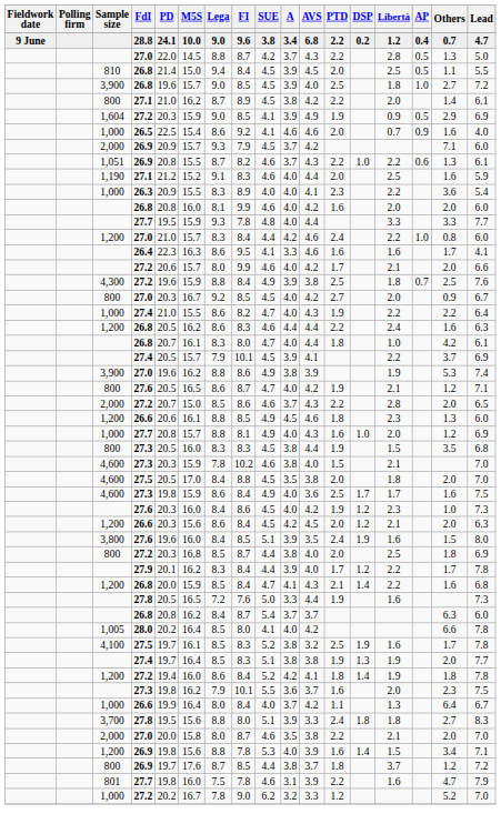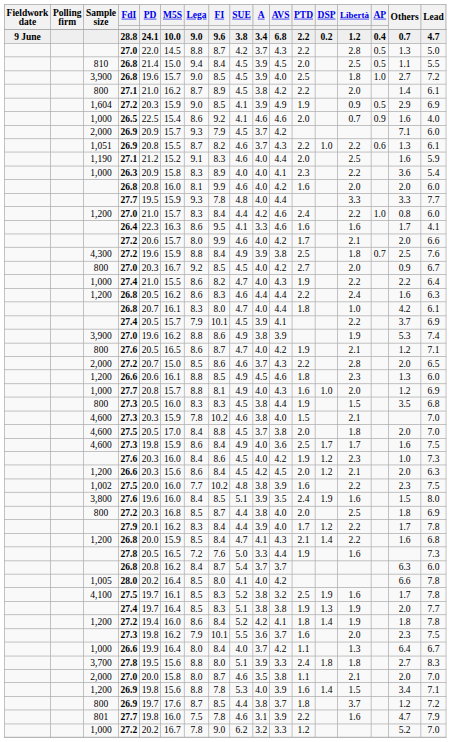 <table class="wikitable sortable mw-collapsible" style="text-align:center;font-size:85%;line-height:13px">
 <tr style="height:30px; background-color:#8B8B8B">
 <th rowspan="2">Fieldwork date</th>
 <th rowspan="2">Polling firm</th>
 <th rowspan="2">Sample size</th>
 <th style="width:35px;"><a href='#'>FdI</a></th>
 <th style="width:35px;"><a href='#'>PD</a></th>
 <th style="width:35px;"><a href='#'>M5S</a></th>
 <th style="width:35px;"><a href='#'>Lega</a></th>
 <th style="width:35px;"><a href='#'>FI</a></th>
 <th style="width:35px;"><a href='#'>SUE</a></th>
 <th style="width:35px;"><a href='#'>A</a></th>
 <th style="width:35px;"><a href='#'>AVS</a></th>
 <th style="width:35px;"><a href='#'>PTD</a></th>
 <th style="width:35px;"><a href='#'>DSP</a></th>
 <th style="width:35px; font-size:95%;"><a href='#'>Libertà</a></th>
 <th style="width:35px;"><a href='#'>AP</a></th>
 <th style="width:35px;" rowspan="2">Others</th>
 <th style="width:35px;" rowspan="2">Lead</th>
 </tr>
 <tr>
 <th style="background:"></th>
 <th style="background:"></th>
 <th style="background:"></th>
 <th style="background:"></th>
 <th style="background:"></th>
 <th style="background:"></th>
 <th style="background:"></th>
 <th style="background:"></th>
 <th style="background:"></th>
 <th style="background:"></th>
 <th style="background:"></th>
 <th style="background:"></th>
 </tr>
 <tr>
 </tr>
 <tr style="background:#EFEFEF; font-weight:bold;">
 <td><strong>9 June</strong></td>
 <td></td>
 <td></td>
 <td><strong>28.8</strong></td>
 <td>24.1</td>
 <td>10.0</td>
 <td>9.0</td>
 <td>9.6</td>
 <td>3.8</td>
 <td>3.4</td>
 <td>6.8</td>
 <td>2.2</td>
 <td>0.2</td>
 <td>1.2</td>
 <td>0.4</td>
 <td>0.7</td>
 <td style="background:">4.7</td>
 </tr>
 <tr>
 <td></td>
 <td></td>
 <td></td>
 <td><strong>27.0</strong></td>
 <td>22.0</td>
 <td>14.5</td>
 <td>8.8</td>
 <td>8.7</td>
 <td>4.2</td>
 <td>3.7</td>
 <td>4.3</td>
 <td>2.2</td>
 <td></td>
 <td>2.8</td>
 <td>0.5</td>
 <td>1.3</td>
 <td style="background:">5.0</td>
 </tr>
 <tr>
 <td></td>
 <td></td>
 <td>810</td>
 <td><strong>26.8</strong></td>
 <td>21.4</td>
 <td>15.0</td>
 <td>9.4</td>
 <td>8.4</td>
 <td>4.5</td>
 <td>3.9</td>
 <td>4.5</td>
 <td>2.0</td>
 <td></td>
 <td>2.5</td>
 <td>0.5</td>
 <td>1.1</td>
 <td style="background:">5.5</td>
 </tr>
 <tr>
 <td></td>
 <td></td>
 <td>3,900</td>
 <td><strong>26.8</strong></td>
 <td>19.6</td>
 <td>15.7</td>
 <td>9.0</td>
 <td>8.5</td>
 <td>4.5</td>
 <td>3.9</td>
 <td>4.0</td>
 <td>2.5</td>
 <td></td>
 <td>1.8</td>
 <td>1.0</td>
 <td>2.7</td>
 <td style="background:">7.2</td>
 </tr>
 <tr>
 <td></td>
 <td></td>
 <td>800</td>
 <td><strong>27.1</strong></td>
 <td>21.0</td>
 <td>16.2</td>
 <td>8.7</td>
 <td>8.9</td>
 <td>4.5</td>
 <td>3.8</td>
 <td>4.2</td>
 <td>2.2</td>
 <td></td>
 <td>2.0</td>
 <td></td>
 <td>1.4</td>
 <td style="background:">6.1</td>
 </tr>
 <tr>
 <td></td>
 <td></td>
 <td>1,604</td>
 <td><strong>27.2</strong></td>
 <td>20.3</td>
 <td>15.9</td>
 <td>9.0</td>
 <td>8.5</td>
 <td>4.1</td>
 <td>3.9</td>
 <td>4.9</td>
 <td>1.9</td>
 <td></td>
 <td>0.9</td>
 <td>0.5</td>
 <td>2.9</td>
 <td style="background:">6.9</td>
 </tr>
 <tr>
 <td></td>
 <td></td>
 <td>1,000</td>
 <td><strong>26.5</strong></td>
 <td>22.5</td>
 <td>15.4</td>
 <td>8.6</td>
 <td>9.2</td>
 <td>4.1</td>
 <td>4.6</td>
 <td>4.6</td>
 <td>2.0</td>
 <td></td>
 <td>0.7</td>
 <td>0.9</td>
 <td>1.6</td>
 <td style="background:">4.0</td>
 </tr>
 <tr>
 <td></td>
 <td></td>
 <td>2,000</td>
 <td><strong>26.9</strong></td>
 <td>20.9</td>
 <td>15.7</td>
 <td>9.3</td>
 <td>7.9</td>
 <td>4.5</td>
 <td>3.7</td>
 <td>4.2</td>
 <td></td>
 <td></td>
 <td></td>
 <td></td>
 <td>7.1</td>
 <td style="background:">6.0</td>
 </tr>
 <tr>
 <td></td>
 <td></td>
 <td>1,051</td>
 <td><strong>26.9</strong></td>
 <td>20.8</td>
 <td>15.5</td>
 <td>8.7</td>
 <td>8.2</td>
 <td>4.6</td>
 <td>3.7</td>
 <td>4.3</td>
 <td>2.2</td>
 <td>1.0</td>
 <td>2.2</td>
 <td>0.6</td>
 <td>1.3</td>
 <td style="background:">6.1</td>
 </tr>
 <tr>
 <td></td>
 <td></td>
 <td>1,190</td>
 <td><strong>27.1</strong></td>
 <td>21.2</td>
 <td>15.2</td>
 <td>9.1</td>
 <td>8.3</td>
 <td>4.6</td>
 <td>4.0</td>
 <td>4.4</td>
 <td>2.0</td>
 <td></td>
 <td>2.5</td>
 <td></td>
 <td>1.6</td>
 <td style="background:">5.9</td>
 </tr>
 <tr>
 <td></td>
 <td></td>
 <td>1,000</td>
 <td><strong>26.3</strong></td>
 <td>20.9</td>
-<td>15.5</td>
+<td>15.8</td>
 <td>8.3</td>
 <td>8.9</td>
 <td>4.0</td>
 <td>4.0</td>
 <td>4.1</td>
 <td>2.3</td>
 <td></td>
 <td>2.2</td>
 <td></td>
 <td>3.6</td>
 <td style="background:">5.4</td>
 </tr>
 <tr>
 <td></td>
 <td></td>
 <td></td>
 <td><strong>26.8</strong></td>
 <td>20.8</td>
 <td>16.0</td>
 <td>8.1</td>
 <td>9.9</td>
 <td>4.6</td>
 <td>4.0</td>
 <td>4.2</td>
 <td>1.6</td>
 <td></td>
 <td>2.0</td>
 <td></td>
 <td>2.0</td>
 <td style="background:">6.0</td>
 </tr>
 <tr>
 <td></td>
 <td></td>
 <td></td>
 <td><strong>27.7</strong></td>
 <td>19.5</td>
 <td>15.9</td>
 <td>9.3</td>
 <td>7.8</td>
 <td>4.8</td>
 <td>4.0</td>
 <td>4.4</td>
 <td></td>
 <td></td>
 <td>3.3</td>
 <td></td>
 <td>3.3</td>
 <td style="background:">7.7</td>
 </tr>
 <tr>
 <td></td>
 <td></td>
 <td>1,200</td>
 <td><strong>27.0</strong></td>
 <td>21.0</td>
 <td>15.7</td>
 <td>8.3</td>
 <td>8.4</td>
 <td>4.4</td>
 <td>4.2</td>
 <td>4.6</td>
 <td>2.4</td>
 <td></td>
 <td>2.2</td>
 <td>1.0</td>
 <td>0.8</td>
 <td style="background:">6.0</td>
 </tr>
 <tr>
 <td></td>
 <td></td>
 <td></td>
 <td><strong>26.4</strong></td>
 <td>22.3</td>
 <td>16.3</td>
 <td>8.6</td>
 <td>9.5</td>
 <td>4.1</td>
 <td>3.3</td>
 <td>4.6</td>
 <td>1.6</td>
 <td></td>
 <td>1.6</td>
 <td></td>
 <td>1.7</td>
 <td style="background:">4.1</td>
 </tr>
 <tr>
 <td></td>
 <td></td>
 <td></td>
 <td><strong>27.2</strong></td>
 <td>20.6</td>
 <td>15.7</td>
 <td>8.0</td>
 <td>9.9</td>
 <td>4.6</td>
 <td>4.0</td>
 <td>4.2</td>
 <td>1.7</td>
 <td></td>
 <td>2.1</td>
 <td></td>
 <td>2.0</td>
 <td style="background:">6.6</td>
 </tr>
 <tr>
 <td></td>
 <td></td>
 <td>4,300</td>
 <td><strong>27.2</strong></td>
 <td>19.6</td>
 <td>15.9</td>
 <td>8.8</td>
 <td>8.4</td>
 <td>4.9</td>
 <td>3.9</td>
 <td>3.8</td>
 <td>2.5</td>
 <td></td>
 <td>1.8</td>
 <td>0.7</td>
 <td>2.5</td>
 <td style="background:">7.6</td>
 </tr>
 <tr>
 <td></td>
 <td></td>
 <td>800</td>
 <td><strong>27.0</strong></td>
 <td>20.3</td>
 <td>16.7</td>
 <td>9.2</td>
 <td>8.5</td>
 <td>4.5</td>
 <td>4.0</td>
 <td>4.2</td>
 <td>2.7</td>
 <td></td>
 <td>2.0</td>
 <td></td>
 <td>0.9</td>
 <td style="background:">6.7</td>
 </tr>
 <tr>
 <td></td>
 <td></td>
 <td>1,000</td>
 <td><strong>27.4</strong></td>
 <td>21.0</td>
 <td>15.5</td>
 <td>8.6</td>
 <td>8.2</td>
 <td>4.7</td>
 <td>4.0</td>
 <td>4.3</td>
 <td>1.9</td>
 <td></td>
 <td>2.2</td>
 <td></td>
 <td>2.2</td>
 <td style="background:">6.4</td>
 </tr>
 <tr>
 <td></td>
 <td></td>
 <td>1,200</td>
 <td><strong>26.8</strong></td>
 <td>20.5</td>
 <td>16.2</td>
 <td>8.6</td>
 <td>8.3</td>
 <td>4.6</td>
 <td>4.4</td>
 <td>4.4</td>
 <td>2.2</td>
 <td></td>
 <td>2.4</td>
 <td></td>
 <td>1.6</td>
 <td style="background:">6.3</td>
 </tr>
 <tr>
 <td></td>
 <td></td>
 <td></td>
 <td><strong>26.8</strong></td>
 <td>20.7</td>
 <td>16.1</td>
 <td>8.3</td>
 <td>8.0</td>
 <td>4.7</td>
 <td>4.0</td>
 <td>4.4</td>
 <td>1.8</td>
 <td></td>
 <td>1.0</td>
 <td></td>
 <td>4.2</td>
 <td style="background:">6.1</td>
 </tr>
 <tr>
 <td></td>
 <td></td>
 <td></td>
 <td><strong>27.4</strong></td>
 <td>20.5</td>
 <td>15.7</td>
 <td>7.9</td>
 <td>10.1</td>
 <td>4.5</td>
 <td>3.9</td>
 <td>4.1</td>
 <td></td>
 <td></td>
 <td>2.2</td>
 <td></td>
 <td>3.7</td>
 <td style="background:">6.9</td>
 </tr>
 <tr>
 <td></td>
 <td></td>
 <td>3,900</td>
 <td><strong>27.0</strong></td>
 <td>19.6</td>
 <td>16.2</td>
 <td>8.8</td>
 <td>8.6</td>
 <td>4.9</td>
 <td>3.8</td>
 <td>3.9</td>
 <td></td>
 <td></td>
 <td>1.9</td>
 <td></td>
 <td>5.3</td>
 <td style="background:">7.4</td>
 </tr>
 <tr>
 <td></td>
 <td></td>
 <td>800</td>
 <td><strong>27.6</strong></td>
 <td>20.5</td>
 <td>16.5</td>
 <td>8.6</td>
 <td>8.7</td>
 <td>4.7</td>
 <td>4.0</td>
 <td>4.2</td>
 <td>1.9</td>
 <td></td>
 <td>2.1</td>
 <td></td>
 <td>1.2</td>
 <td style="background:">7.1</td>
 </tr>
 <tr>
 <td></td>
 <td></td>
 <td>2,000</td>
 <td><strong>27.2</strong></td>
 <td>20.7</td>
 <td>15.0</td>
 <td>8.5</td>
 <td>8.6</td>
 <td>4.6</td>
 <td>3.7</td>
 <td>4.3</td>
 <td>2.2</td>
 <td></td>
 <td>2.8</td>
 <td></td>
 <td>2.0</td>
 <td style="background:">6.5</td>
 </tr>
 <tr>
 <td></td>
 <td></td>
 <td>1,200</td>
 <td><strong>26.6</strong></td>
 <td>20.6</td>
 <td>16.1</td>
 <td>8.8</td>
 <td>8.5</td>
 <td>4.9</td>
 <td>4.5</td>
 <td>4.6</td>
 <td>1.8</td>
 <td></td>
 <td>2.3</td>
 <td></td>
 <td>1.3</td>
 <td style="background:">6.0</td>
 </tr>
 <tr>
 <td></td>
 <td></td>
 <td>1,000</td>
 <td><strong>27.7</strong></td>
 <td>20.8</td>
 <td>15.7</td>
 <td>8.8</td>
 <td>8.1</td>
 <td>4.9</td>
 <td>4.0</td>
 <td>4.3</td>
 <td>1.6</td>
 <td>1.0</td>
 <td>2.0</td>
 <td></td>
 <td>1.2</td>
 <td style="background:">6.9</td>
 </tr>
 <tr>
 <td></td>
 <td></td>
 <td>800</td>
 <td><strong>27.3</strong></td>
 <td>20.5</td>
 <td>16.0</td>
 <td>8.3</td>
 <td>8.3</td>
 <td>4.5</td>
 <td>3.8</td>
 <td>4.4</td>
 <td>1.9</td>
 <td></td>
 <td>1.5</td>
 <td></td>
 <td>3.5</td>
 <td style="background:">6.8</td>
 </tr>
 <tr>
 <td></td>
 <td></td>
 <td>4,600</td>
 <td><strong>27.3</strong></td>
 <td>20.3</td>
 <td>15.9</td>
 <td>7.8</td>
 <td>10.2</td>
 <td>4.6</td>
 <td>3.8</td>
 <td>4.0</td>
 <td>1.5</td>
 <td></td>
 <td>2.1</td>
 <td></td>
 <td></td>
 <td style="background:">7.0</td>
 </tr>
 <tr>
 <td></td>
 <td></td>
 <td>4,600</td>
 <td><strong>27.5</strong></td>
 <td>20.5</td>
 <td>17.0</td>
 <td>8.4</td>
 <td>8.8</td>
 <td>4.5</td>
-<td>3.5</td>
+<td>3.7</td>
 <td>3.8</td>
 <td>2.0</td>
 <td></td>
 <td>1.8</td>
 <td></td>
 <td>2.0</td>
 <td style="background:">7.0</td>
 </tr>
 <tr>
 <td></td>
 <td></td>
 <td>4,600</td>
 <td><strong>27.3</strong></td>
 <td>19.8</td>
 <td>15.9</td>
 <td>8.6</td>
 <td>8.4</td>
 <td>4.9</td>
 <td>4.0</td>
 <td>3.6</td>
 <td>2.5</td>
 <td>1.7</td>
 <td>1.7</td>
 <td></td>
 <td>1.6</td>
 <td style="background:">7.5</td>
 </tr>
 <tr>
 <td></td>
 <td></td>
 <td></td>
 <td><strong>27.6</strong></td>
 <td>20.3</td>
 <td>16.0</td>
 <td>8.4</td>
 <td>8.6</td>
 <td>4.5</td>
 <td>4.0</td>
 <td>4.2</td>
 <td>1.9</td>
 <td>1.2</td>
 <td>2.3</td>
 <td></td>
 <td>1.0</td>
 <td style="background:">7.3</td>
 </tr>
 <tr>
 <td></td>
 <td></td>
 <td>1,200</td>
 <td><strong>26.6</strong></td>
 <td>20.3</td>
 <td>15.6</td>
 <td>8.6</td>
 <td>8.4</td>
 <td>4.5</td>
 <td>4.2</td>
 <td>4.5</td>
 <td>2.0</td>
 <td>1.2</td>
 <td>2.1</td>
 <td></td>
 <td>2.0</td>
 <td style="background:">6.3</td>
+</tr>
+<tr>
+<td></td>
+<td></td>
+<td>1,002</td>
+<td><strong>27.5</strong></td>
+<td>20.0</td>
+<td>16.0</td>
+<td>7.7</td>
+<td>10.2</td>
+<td>4.8</td>
+<td>3.8</td>
+<td>3.9</td>
+<td>1.6</td>
+<td></td>
+<td>2.2</td>
+<td></td>
+<td>2.3</td>
+<td style="background:">7.5</td>
 </tr>
 <tr>
 <td></td>
 <td></td>
 <td>3,800</td>
 <td><strong>27.6</strong></td>
 <td>19.6</td>
 <td>16.0</td>
 <td>8.4</td>
 <td>8.5</td>
 <td>5.1</td>
 <td>3.9</td>
 <td>3.5</td>
 <td>2.4</td>
 <td>1.9</td>
 <td>1.6</td>
 <td></td>
 <td>1.5</td>
 <td style="background:">8.0</td>
 </tr>
 <tr>
 <td></td>
 <td></td>
 <td>800</td>
 <td><strong>27.2</strong></td>
 <td>20.3</td>
 <td>16.8</td>
 <td>8.5</td>
 <td>8.7</td>
 <td>4.4</td>
 <td>3.8</td>
 <td>4.0</td>
 <td>2.0</td>
 <td></td>
 <td>2.5</td>
 <td></td>
 <td>1.8</td>
 <td style="background:">6.9</td>
 </tr>
 <tr>
 <td></td>
 <td></td>
 <td></td>
 <td><strong>27.9</strong></td>
 <td>20.1</td>
 <td>16.2</td>
 <td>8.3</td>
 <td>8.4</td>
 <td>4.4</td>
 <td>3.9</td>
 <td>4.0</td>
 <td>1.7</td>
 <td>1.2</td>
 <td>2.2</td>
 <td></td>
 <td>1.7</td>
 <td style="background:">7.8</td>
 </tr>
 <tr>
 <td></td>
 <td></td>
 <td>1,200</td>
 <td><strong>26.8</strong></td>
 <td>20.0</td>
 <td>15.9</td>
 <td>8.5</td>
 <td>8.4</td>
 <td>4.7</td>
 <td>4.1</td>
 <td>4.3</td>
 <td>2.1</td>
 <td>1.4</td>
 <td>2.2</td>
 <td></td>
 <td>1.6</td>
 <td style="background:">6.8</td>
 </tr>
 <tr>
 <td></td>
 <td></td>
 <td></td>
 <td><strong>27.8</strong></td>
 <td>20.5</td>
 <td>16.5</td>
 <td>7.2</td>
 <td>7.6</td>
 <td>5.0</td>
 <td>3.3</td>
 <td>4.4</td>
 <td>1.9</td>
 <td></td>
 <td>1.6</td>
 <td></td>
 <td></td>
 <td style="background:">7.3</td>
 </tr>
 <tr>
 <td></td>
 <td></td>
 <td></td>
 <td><strong>26.8</strong></td>
 <td>20.8</td>
 <td>16.2</td>
 <td>8.4</td>
 <td>8.7</td>
 <td>5.4</td>
 <td>3.7</td>
 <td>3.7</td>
 <td></td>
 <td></td>
 <td></td>
 <td></td>
 <td>6.3</td>
 <td style="background:">6.0</td>
 </tr>
 <tr>
 <td></td>
 <td></td>
 <td>1,005</td>
 <td><strong>28.0</strong></td>
 <td>20.2</td>
 <td>16.4</td>
 <td>8.5</td>
 <td>8.0</td>
 <td>4.1</td>
 <td>4.0</td>
 <td>4.2</td>
 <td></td>
 <td></td>
 <td></td>
 <td></td>
 <td>6.6</td>
 <td style="background:">7.8</td>
 </tr>
 <tr>
 <td></td>
 <td></td>
 <td>4,100</td>
 <td><strong>27.5</strong></td>
 <td>19.7</td>
 <td>16.1</td>
 <td>8.5</td>
 <td>8.3</td>
 <td>5.2</td>
 <td>3.8</td>
 <td>3.2</td>
 <td>2.5</td>
 <td>1.9</td>
 <td>1.6</td>
 <td></td>
 <td>1.7</td>
 <td style="background:">7.8</td>
 </tr>
 <tr>
 <td></td>
 <td></td>
 <td></td>
 <td><strong>27.4</strong></td>
 <td>19.7</td>
 <td>16.4</td>
 <td>8.5</td>
 <td>8.3</td>
 <td>5.1</td>
 <td>3.8</td>
 <td>3.8</td>
 <td>1.9</td>
 <td>1.3</td>
 <td>1.9</td>
 <td></td>
 <td>2.0</td>
 <td style="background:">7.7</td>
 </tr>
 <tr>
 <td></td>
 <td></td>
 <td>1,200</td>
 <td><strong>27.2</strong></td>
 <td>19.4</td>
 <td>16.0</td>
 <td>8.6</td>
 <td>8.4</td>
 <td>5.2</td>
 <td>4.2</td>
 <td>4.1</td>
 <td>1.8</td>
 <td>1.4</td>
 <td>1.9</td>
 <td></td>
 <td>1.8</td>
 <td style="background:">7.8</td>
 </tr>
 <tr>
 <td></td>
 <td></td>
 <td></td>
 <td><strong>27.3</strong></td>
 <td>19.8</td>
 <td>16.2</td>
 <td>7.9</td>
 <td>10.1</td>
 <td>5.5</td>
 <td>3.6</td>
 <td>3.7</td>
 <td>1.6</td>
 <td></td>
 <td>2.0</td>
 <td></td>
 <td>2.3</td>
 <td style="background:">7.5</td>
 </tr>
 <tr>
 <td></td>
 <td></td>
 <td>1,000</td>
 <td><strong>26.6</strong></td>
 <td>19.9</td>
 <td>16.4</td>
 <td>8.0</td>
 <td>8.4</td>
 <td>4.0</td>
 <td>3.7</td>
 <td>4.2</td>
 <td>1.1</td>
 <td></td>
 <td>1.3</td>
 <td></td>
 <td>6.4</td>
 <td style="background:">6.7</td>
 </tr>
 <tr>
 <td></td>
 <td></td>
 <td>3,700</td>
 <td><strong>27.8</strong></td>
 <td>19.5</td>
 <td>15.6</td>
 <td>8.8</td>
 <td>8.0</td>
 <td>5.1</td>
 <td>3.9</td>
 <td>3.3</td>
 <td>2.4</td>
 <td>1.8</td>
 <td>1.8</td>
 <td></td>
 <td>2.7</td>
 <td style="background:">8.3</td>
 </tr>
 <tr>
 <td></td>
 <td></td>
 <td>2,000</td>
 <td><strong>27.0</strong></td>
 <td>20.0</td>
 <td>15.8</td>
 <td>8.0</td>
 <td>8.7</td>
 <td>4.6</td>
 <td>3.5</td>
 <td>3.8</td>
-<td>2.2</td>
+<td>1.1</td>
 <td></td>
 <td>2.1</td>
 <td></td>
 <td>2.0</td>
 <td style="background:">7.0</td>
 </tr>
 <tr>
 <td></td>
 <td></td>
 <td>1,200</td>
 <td><strong>26.9</strong></td>
 <td>19.8</td>
 <td>15.6</td>
 <td>8.8</td>
 <td>7.8</td>
 <td>5.3</td>
 <td>4.0</td>
 <td>3.9</td>
 <td>1.6</td>
 <td>1.4</td>
 <td>1.5</td>
 <td></td>
 <td>3.4</td>
 <td style="background:">7.1</td>
 </tr>
 <tr>
 <td></td>
 <td></td>
 <td>800</td>
 <td><strong>26.9</strong></td>
 <td>19.7</td>
 <td>17.6</td>
 <td>8.7</td>
 <td>8.5</td>
 <td>4.4</td>
 <td>3.8</td>
 <td>3.7</td>
 <td>1.8</td>
 <td></td>
 <td>3.7</td>
 <td></td>
 <td>1.2</td>
 <td style="background:">7.2</td>
 </tr>
 <tr>
 <td></td>
 <td></td>
 <td>801</td>
 <td><strong>27.7</strong></td>
 <td>19.8</td>
 <td>16.0</td>
 <td>7.5</td>
 <td>7.8</td>
 <td>4.6</td>
 <td>3.1</td>
 <td>3.9</td>
 <td>2.2</td>
 <td></td>
 <td>1.6</td>
 <td></td>
 <td>4.7</td>
 <td style="background:">7.9</td>
 </tr>
 <tr>
 <td></td>
 <td></td>
 <td>1,000</td>
 <td><strong>27.2</strong></td>
 <td>20.2</td>
 <td>16.7</td>
 <td>7.8</td>
 <td>9.0</td>
 <td>6.2</td>
 <td>3.2</td>
 <td>3.3</td>
 <td>1.2</td>
 <td></td>
 <td></td>
 <td></td>
 <td>5.2</td>
 <td style="background:">7.0</td>
 </tr>
 <tr>
 </tr>
 </table>
